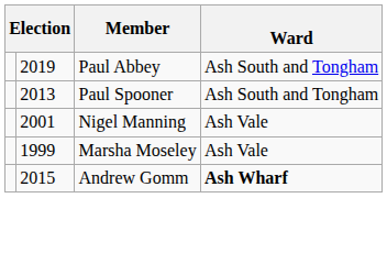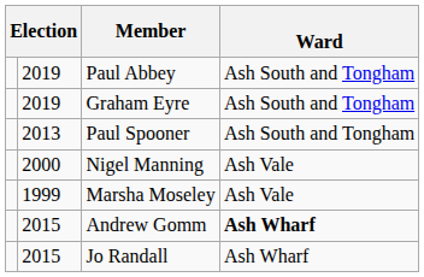 <table class="wikitable">
 <tr>
 <th colspan="2">Election</th>
 <th>Member</th>
 <th><br>Ward</th>
 </tr>
 <tr>
 <td style="background-color:"></td>
 <td>2019</td>
 <td>Paul Abbey</td>
 <td>Ash South and <a href='#'>Tongham</a></td>
 </tr>
 <tr>
 <td style="background-color:"></td>
+<td>2019</td>
+<td>Graham Eyre</td>
+<td>Ash South and <a href='#'>Tongham</a></td>
+</tr>
+<tr>
+<td style="background-color:"></td>
 <td>2013</td>
 <td>Paul Spooner</td>
 <td>Ash South and Tongham</td>
 </tr>
 <tr>
 <td style="background-color:"></td>
-<td>2001</td>
+<td>2000</td>
 <td>Nigel Manning</td>
 <td>Ash Vale</td>
 </tr>
 <tr>
 <td style="background-color:"></td>
 <td>1999</td>
 <td>Marsha Moseley</td>
 <td>Ash Vale</td>
 </tr>
 <tr>
 <td style="background-color:"></td>
 <td>2015</td>
 <td>Andrew Gomm</td>
 <td><strong>Ash Wharf</strong></td>
 </tr>
+<tr>
+<td style="background-color:"></td>
+<td>2015</td>
+<td>Jo Randall</td>
+<td>Ash Wharf</td>
+</tr>
 </table>
